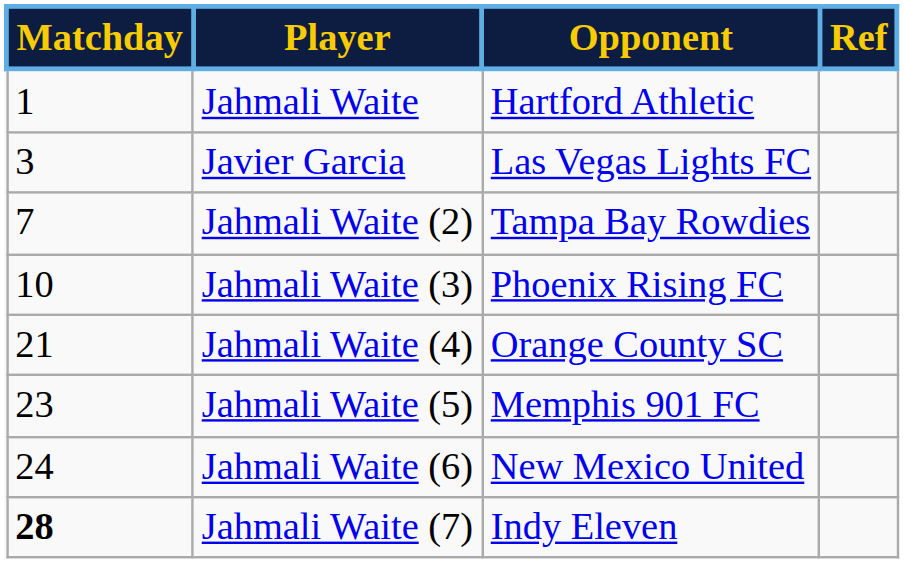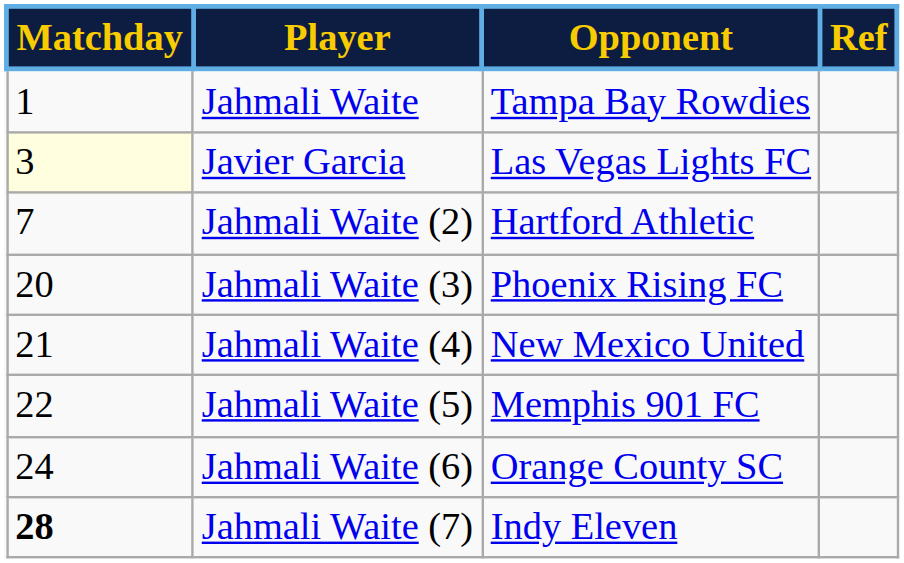 <table class=wikitable>
 <tr>
 <th style="background:#0D1D41; color:#F8CC00; border:2px solid #5FAFE4;">Matchday</th>
 <th style="background:#0D1D41; color:#F8CC00; border:2px solid #5FAFE4;">Player</th>
 <th style="background:#0D1D41; color:#F8CC00; border:2px solid #5FAFE4;">Opponent</th>
 <th style="background:#0D1D41; color:#F8CC00; border:2px solid #5FAFE4;">Ref</th>
 </tr>
 <tr>
 <td>1</td>
 <td> <a href='#'>Jahmali Waite</a></td>
-<td><a href='#'>Hartford Athletic</a></td>
+<td><a href='#'>Tampa Bay Rowdies</a></td>
 <td style="text-align:center"></td>
 </tr>
 <tr>
-<td>3</td>
+<td style="background: lightyellow;">3</td>
 <td> <a href='#'>Javier Garcia</a></td>
 <td><a href='#'>Las Vegas Lights FC</a></td>
 <td style="text-align:center"></td>
 </tr>
 <tr>
 <td>7</td>
 <td> <a href='#'>Jahmali Waite</a> (2)</td>
-<td><a href='#'>Tampa Bay Rowdies</a></td>
+<td><a href='#'>Hartford Athletic</a></td>
 <td style="text-align:center"></td>
 </tr>
 <tr>
-<td>10</td>
+<td>20</td>
 <td> <a href='#'>Jahmali Waite</a> (3)</td>
 <td><a href='#'>Phoenix Rising FC</a></td>
 <td style="text-align:center"></td>
 </tr>
 <tr>
 <td>21</td>
 <td> <a href='#'>Jahmali Waite</a> (4)</td>
-<td><a href='#'>Orange County SC</a></td>
+<td><a href='#'>New Mexico United</a></td>
 <td style="text-align:center"></td>
 </tr>
 <tr>
-<td>23</td>
+<td>22</td>
 <td> <a href='#'>Jahmali Waite</a> (5)</td>
 <td><a href='#'>Memphis 901 FC</a></td>
 <td style="text-align:center"></td>
 </tr>
 <tr>
 <td>24</td>
 <td> <a href='#'>Jahmali Waite</a> (6)</td>
-<td><a href='#'>New Mexico United</a></td>
+<td><a href='#'>Orange County SC</a></td>
 <td style="text-align:center"></td>
 </tr>
 <tr>
 <td><strong>28</strong></td>
 <td> <a href='#'>Jahmali Waite</a> (7)</td>
 <td><a href='#'>Indy Eleven</a></td>
 <td style="text-align:center"></td>
 </tr>
 </table>
